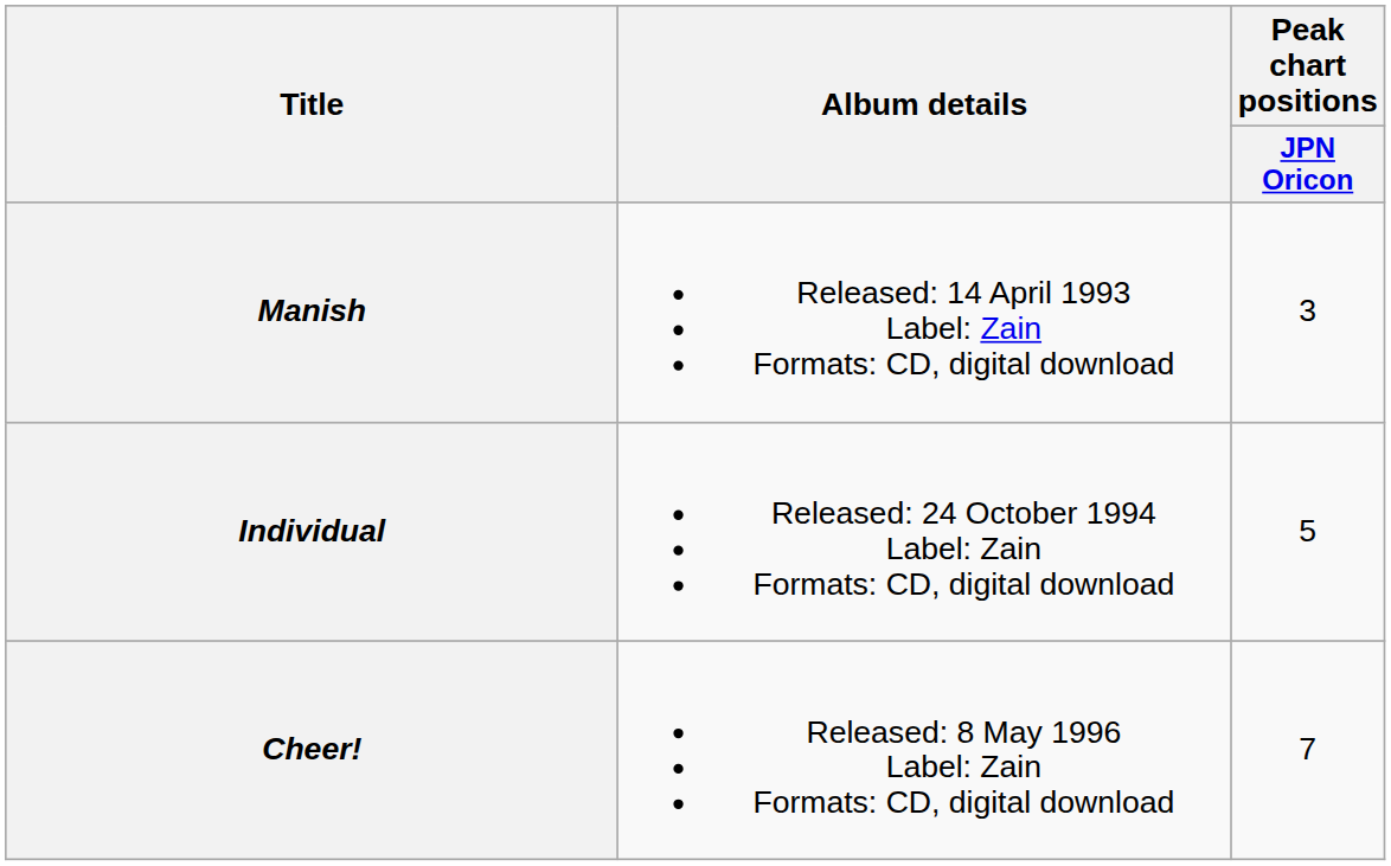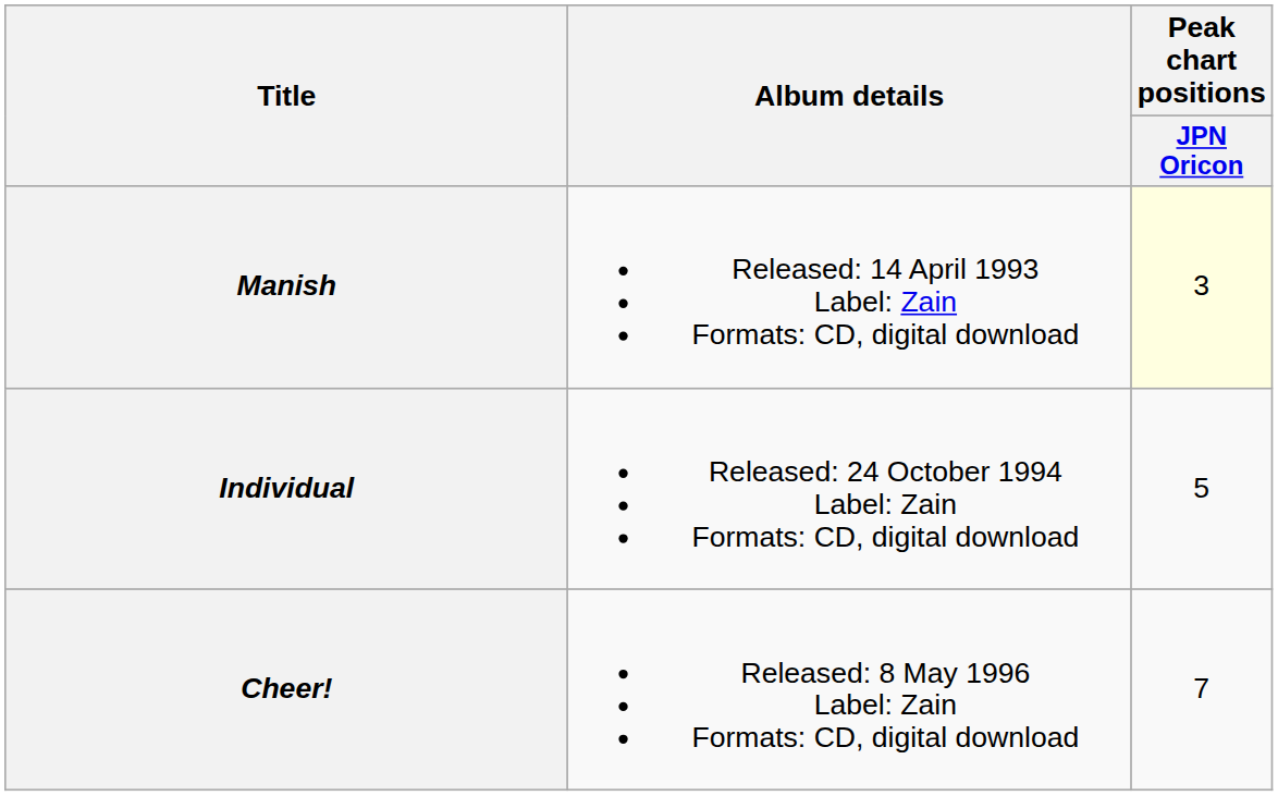 <table class="wikitable plainrowheaders" style="text-align:center;">
 <tr>
 <th scope="col" rowspan="2" style="width:19em;">Title</th>
 <th scope="col" rowspan="2" style="width:19em;">Album details</th>
 <th scope="col">Peak chart positions</th>
 </tr>
 <tr>
 <th scope="col" style="width:2.9em;font-size:90%;"><a href='#'>JPN<br>Oricon</a><br></th>
 </tr>
 <tr>
 <th scope="row"><em>Manish</em></th>
 <td><br><ul><li>Released: 14 April 1993</li><li>Label: <a href='#'>Zain</a></li><li>Formats: CD, digital download</li></ul></td>
-<td>3</td>
+<td style="background: lightyellow;">3</td>
 </tr>
 <tr>
 <th scope="row"><em>Individual</em></th>
 <td><br><ul><li>Released: 24 October 1994</li><li>Label: Zain</li><li>Formats: CD, digital download</li></ul></td>
 <td>5</td>
 </tr>
 <tr>
 <th scope="row"><em>Cheer!</em></th>
 <td><br><ul><li>Released: 8 May 1996</li><li>Label: Zain</li><li>Formats: CD, digital download</li></ul></td>
 <td>7</td>
 </tr>
 </table>
